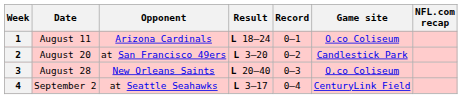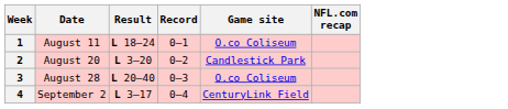 <table class="wikitable" align="center" style="font-size: 92%">
 <tr>
 <th +>Week</th>
 <th +>Date</th>
-<th +>Opponent</th>
 <th +>Result</th>
 <th +>Record</th>
 <th +>Game site</th>
 <th +>NFL.com<br>recap</th>
 </tr>
 <tr style="background:#fcc">
 <th>1</th>
 <td style="text-align:center;">August 11</td>
-<td style="text-align:center;"><a href='#'>Arizona Cardinals</a></td>
 <td style="text-align:center;"><strong>L</strong> 18–24</td>
 <td style="text-align:center;">0–1</td>
 <td style="text-align:center;"><a href='#'>O.co Coliseum</a></td>
 <td style="text-align:center;"></td>
 </tr>
 <tr style="background:#fcc">
 <th>2</th>
 <td style="text-align:center;">August 20</td>
-<td style="text-align:center;">at <a href='#'>San Francisco 49ers</a></td>
 <td style="text-align:center;"><strong>L</strong> 3–20</td>
 <td style="text-align:center;">0–2</td>
 <td style="text-align:center;"><a href='#'>Candlestick Park</a></td>
 <td style="text-align:center;"></td>
 </tr>
 <tr style="background:#fcc">
 <th>3</th>
 <td style="text-align:center;">August 28</td>
-<td style="text-align:center;"><a href='#'>New Orleans Saints</a></td>
 <td style="text-align:center;"><strong>L</strong> 20–40</td>
 <td style="text-align:center;">0–3</td>
 <td style="text-align:center;"><a href='#'>O.co Coliseum</a></td>
 <td style="text-align:center; "></td>
 </tr>
 <tr style="background:#fcc">
 <th>4</th>
 <td style="text-align:center;">September 2</td>
-<td style="text-align:center;">at <a href='#'>Seattle Seahawks</a></td>
 <td style="text-align:center;"><strong>L</strong> 3–17</td>
 <td style="text-align:center;">0–4</td>
 <td style="text-align:center;"><a href='#'>CenturyLink Field</a></td>
 <td style="text-align:center;"></td>
 </tr>
 </table>
